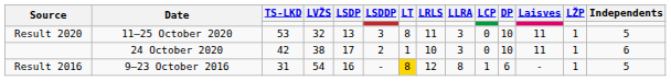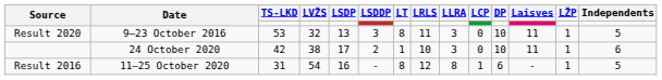 <table class="wikitable" style="text-align:center;font-size:95%;line-height:14px;">
 <tr>
 <th style="width:99px;" rowspan=2>Source</th>
 <th style="width:200px;" rowspan=2>Date</th>
 <th class="unsortable"><a href='#'>TS-LKD</a></th>
 <th class="unsortable"><a href='#'>LVŽS</a></th>
 <th class="unsortable"><a href='#'>LSDP</a></th>
 <th class="unsortable"><a href='#'>LSDDP</a></th>
 <th class="unsortable"><a href='#'>LT</a></th>
 <th class="unsortable"><a href='#'>LRLS</a></th>
 <th class="unsortable"><a href='#'>LLRA</a></th>
 <th class="unsortable"><a href='#'>LCP</a></th>
 <th class="unsortable"><a href='#'>DP</a></th>
 <th class="unsortable"><a href='#'>Laisves</a></th>
 <th class="unsortable"><a href='#'>LŽP</a></th>
 <th class="unsortable">Independents</th>
 </tr>
 <tr>
 <td style="background:"></td>
 <td style="background:"></td>
 <td style="background:"></td>
 <td style="background:#c1272d"></td>
 <td style="background:"></td>
 <td style="background:"></td>
 <td style="background:"></td>
 <td style="background:#009C3D"></td>
 <td style="background:"></td>
 <td style="background:#E3006B; width:40px;"></td>
 <td style="background:"></td>
 <td style="background:"></td>
 </tr>
 <tr>
 <td>Result 2020</td>
-<td>11–25 October 2020</td>
+<td>9–23 October 2016</td>
 <td>53</td>
 <td>32</td>
 <td>13</td>
 <td>3</td>
 <td>8</td>
 <td>11</td>
 <td>3</td>
 <td>0</td>
 <td>10</td>
 <td>11</td>
 <td>1</td>
 <td>5</td>
 </tr>
 <tr>
 <td></td>
 <td>24 October 2020</td>
 <td>42</td>
 <td>38</td>
 <td>17</td>
 <td>2</td>
 <td>1</td>
 <td>10</td>
 <td>3</td>
 <td>0</td>
 <td>10</td>
 <td>11</td>
 <td>1</td>
 <td>6</td>
 </tr>
 <tr>
 <td>Result 2016</td>
-<td>9–23 October 2016</td>
+<td>11–25 October 2020</td>
 <td>31</td>
 <td>54</td>
 <td>16</td>
 <td>-</td>
-<td style="background: gold;">8</td>
+<td>8</td>
 <td>12</td>
 <td>8</td>
 <td>1</td>
 <td>6</td>
 <td>-</td>
 <td>1</td>
 <td>5</td>
 </tr>
 </table>
